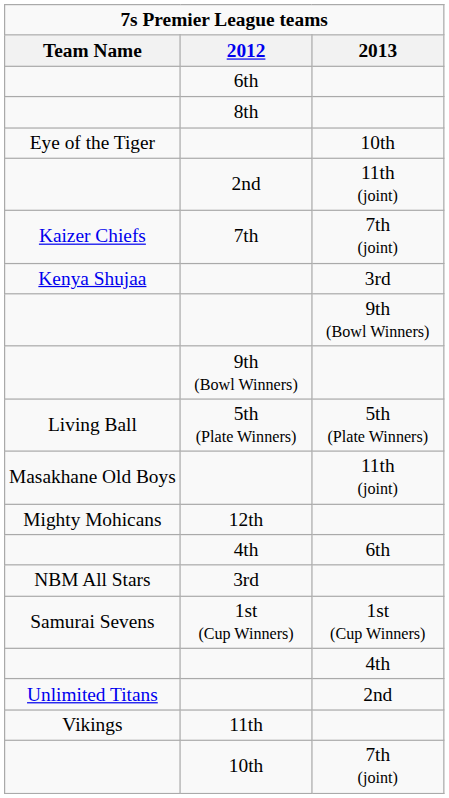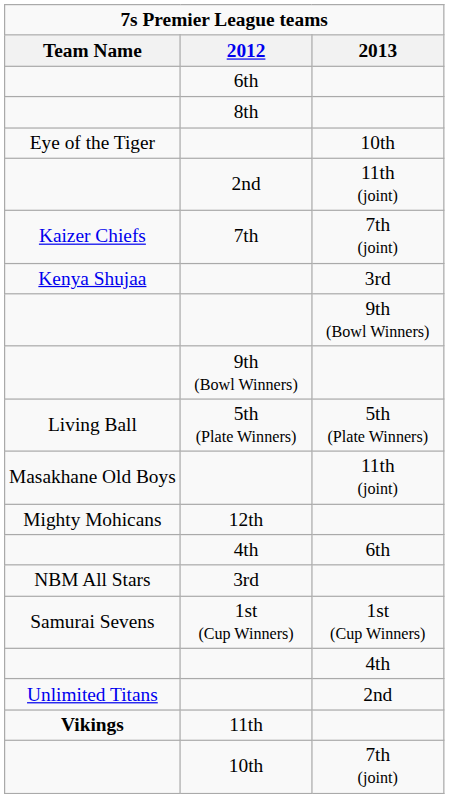 <table class="wikitable" style="text-align:center">
 <tr>
 <td colspan=3 align=center><strong>7s Premier League teams</strong></td>
 </tr>
 <tr>
 <th width=40% align=center>Team Name</th>
 <th width=30% align=center><a href='#'>2012</a></th>
 <th width=30% align=center>2013</th>
 </tr>
 <tr>
 <td></td>
 <td>              6th</td>
 <td>              </td>
 </tr>
 <tr>
 <td></td>
 <td>              8th</td>
 <td>              </td>
 </tr>
 <tr>
 <td>Eye of the Tiger</td>
 <td>              </td>
 <td>              10th</td>
 </tr>
 <tr>
 <td></td>
 <td>              2nd</td>
 <td>              11th <br> <small>(joint)</small></td>
 </tr>
 <tr>
 <td><a href='#'>Kaizer Chiefs</a></td>
 <td>              7th</td>
 <td>              7th <br> <small>(joint)</small></td>
 </tr>
 <tr>
 <td><a href='#'>Kenya Shujaa</a></td>
 <td>              </td>
 <td>              3rd</td>
 </tr>
 <tr>
 <td></td>
 <td>              </td>
 <td>              9th <br> <small>(Bowl Winners)</small></td>
 </tr>
 <tr>
 <td></td>
 <td>              9th <br> <small>(Bowl Winners)</small></td>
 <td>              </td>
 </tr>
 <tr>
 <td>Living Ball</td>
 <td>              5th <br> <small>(Plate Winners)</small></td>
 <td>              5th <br> <small>(Plate Winners)</small></td>
 </tr>
 <tr>
 <td>Masakhane Old Boys</td>
 <td>              </td>
 <td>              11th <br> <small>(joint)</small></td>
 </tr>
 <tr>
 <td>Mighty Mohicans</td>
 <td>              12th</td>
 <td>              </td>
 </tr>
 <tr>
 <td></td>
 <td>              4th</td>
 <td>              6th</td>
 </tr>
 <tr>
 <td>NBM All Stars</td>
 <td>              3rd</td>
 <td>              </td>
 </tr>
 <tr>
 <td>Samurai Sevens</td>
 <td>              1st <br> <small>(Cup Winners)</small></td>
 <td>              1st <br> <small>(Cup Winners)</small></td>
 </tr>
 <tr>
 <td></td>
 <td>              </td>
 <td>              4th</td>
 </tr>
 <tr>
 <td><a href='#'>Unlimited Titans</a></td>
 <td>              </td>
 <td>              2nd</td>
 </tr>
 <tr>
-<td>Vikings</td>
+<td><strong>Vikings</strong></td>
 <td>              11th</td>
 <td>              </td>
 </tr>
 <tr>
 <td></td>
 <td>              10th</td>
 <td>              7th <br> <small>(joint)</small></td>
 </tr>
 </table>
